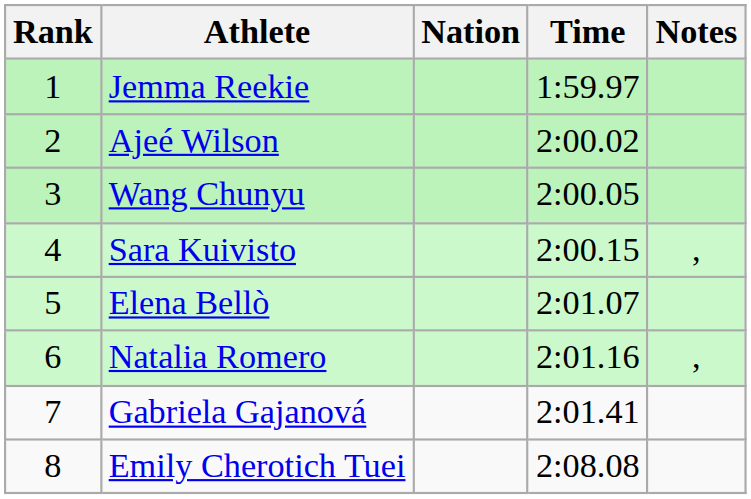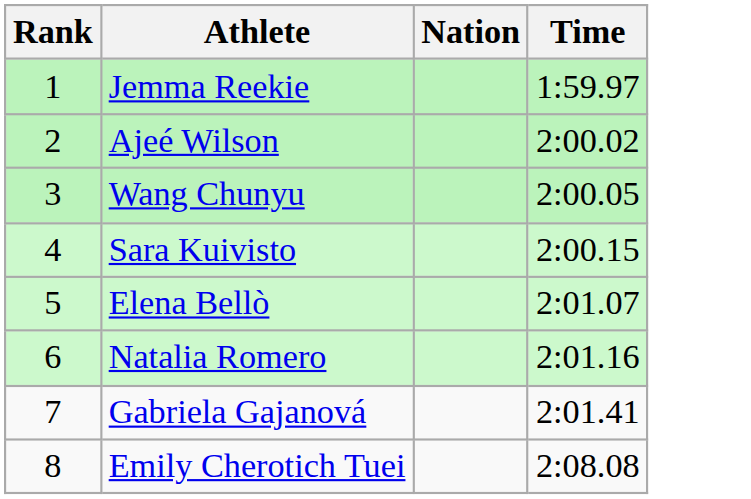 <table class="wikitable sortable" style="text-align:center;">
 <tr>
 <th>Rank</th>
 <th>Athlete</th>
 <th>Nation</th>
 <th>Time</th>
-<th>Notes</th>
 </tr>
 <tr bgcolor=#bbf3bb>
 <td>1</td>
 <td align="left"><a href='#'>Jemma Reekie</a></td>
 <td align=left></td>
 <td>1:59.97</td>
-<td></td>
 </tr>
 <tr bgcolor=#bbf3bb>
 <td>2</td>
 <td align="left"><a href='#'>Ajeé Wilson</a></td>
 <td align=left></td>
 <td>2:00.02</td>
-<td></td>
 </tr>
 <tr bgcolor=#bbf3bb>
 <td>3</td>
 <td align="left"><a href='#'>Wang Chunyu</a></td>
 <td align=left></td>
 <td>2:00.05</td>
-<td></td>
 </tr>
 <tr bgcolor=#ccf9cc>
 <td>4</td>
 <td align="left"><a href='#'>Sara Kuivisto</a></td>
 <td align=left></td>
 <td>2:00.15</td>
-<td>, </td>
 </tr>
 <tr bgcolor=#ccf9cc>
 <td>5</td>
 <td align="left"><a href='#'>Elena Bellò</a></td>
 <td align=left></td>
 <td>2:01.07</td>
-<td></td>
 </tr>
 <tr bgcolor=#ccf9cc>
 <td>6</td>
 <td align="left"><a href='#'>Natalia Romero</a></td>
 <td align=left></td>
 <td>2:01.16</td>
-<td>, </td>
 </tr>
 <tr>
 <td>7</td>
 <td align="left"><a href='#'>Gabriela Gajanová</a></td>
 <td align=left></td>
 <td>2:01.41</td>
-<td></td>
 </tr>
 <tr>
 <td>8</td>
 <td align="left"><a href='#'>Emily Cherotich Tuei</a></td>
 <td align=left></td>
 <td>2:08.08</td>
-<td></td>
 </tr>
 </table>
